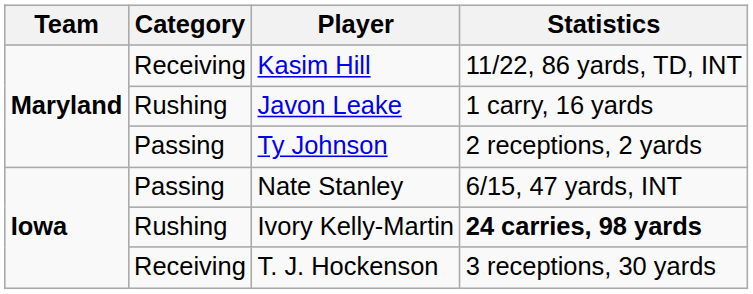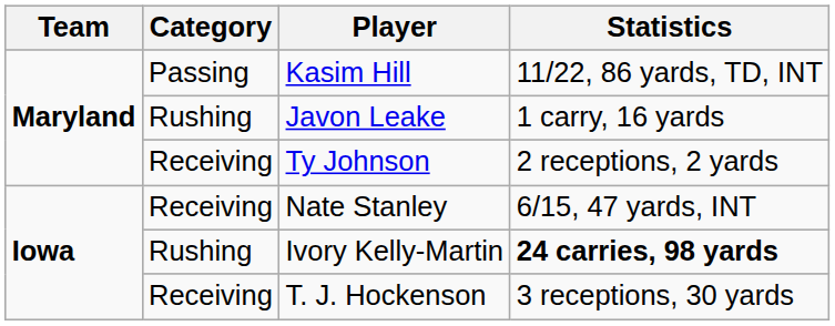 <table class="wikitable" style="float: left;">
 <tr>
 <th>Team</th>
 <th>Category</th>
 <th>Player</th>
 <th>Statistics</th>
 </tr>
 <tr>
 <td rowspan=3><strong>Maryland</strong></td>
-<td>Receiving</td>
+<td>Passing</td>
 <td><a href='#'>Kasim Hill</a></td>
 <td>11/22, 86 yards, TD, INT</td>
 </tr>
 <tr>
 <td>Rushing</td>
 <td><a href='#'>Javon Leake</a></td>
 <td>1 carry, 16 yards</td>
 </tr>
 <tr>
-<td>Passing</td>
+<td>Receiving</td>
 <td><a href='#'>Ty Johnson</a></td>
 <td>2 receptions, 2 yards</td>
 </tr>
 <tr>
 <td rowspan=3><strong>Iowa</strong></td>
-<td>Passing</td>
+<td>Receiving</td>
 <td>Nate Stanley</td>
 <td>6/15, 47 yards, INT</td>
 </tr>
 <tr>
 <td>Rushing</td>
 <td>Ivory Kelly-Martin</td>
 <td><strong>24 carries, 98 yards</strong></td>
 </tr>
 <tr>
 <td>Receiving</td>
 <td>T. J. Hockenson</td>
 <td>3 receptions, 30 yards</td>
 </tr>
 </table>
